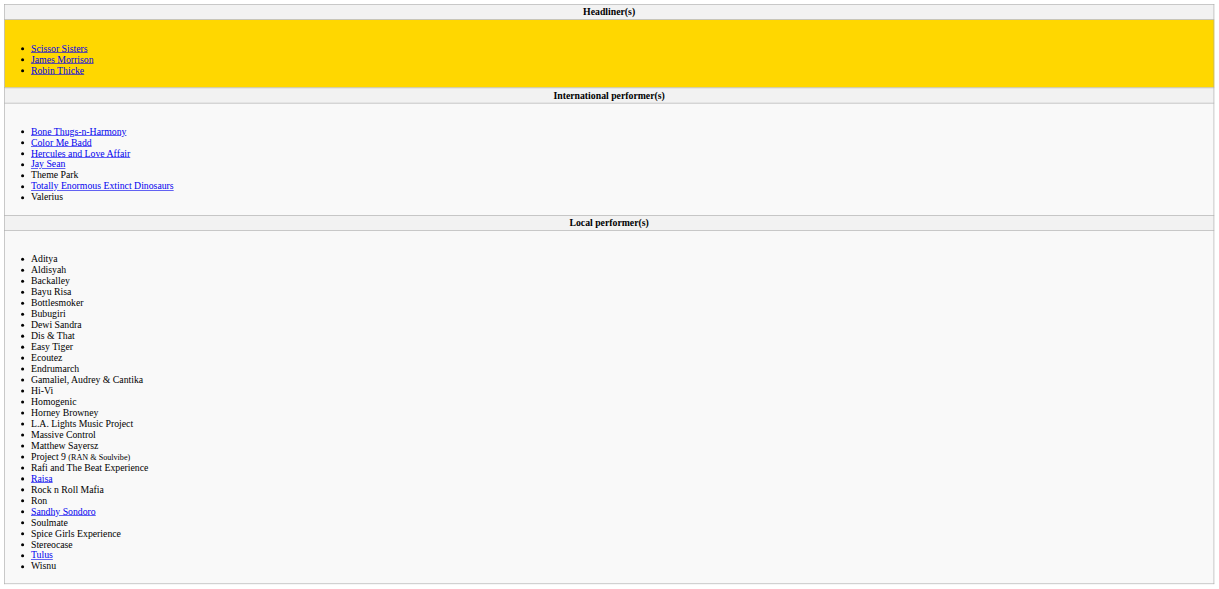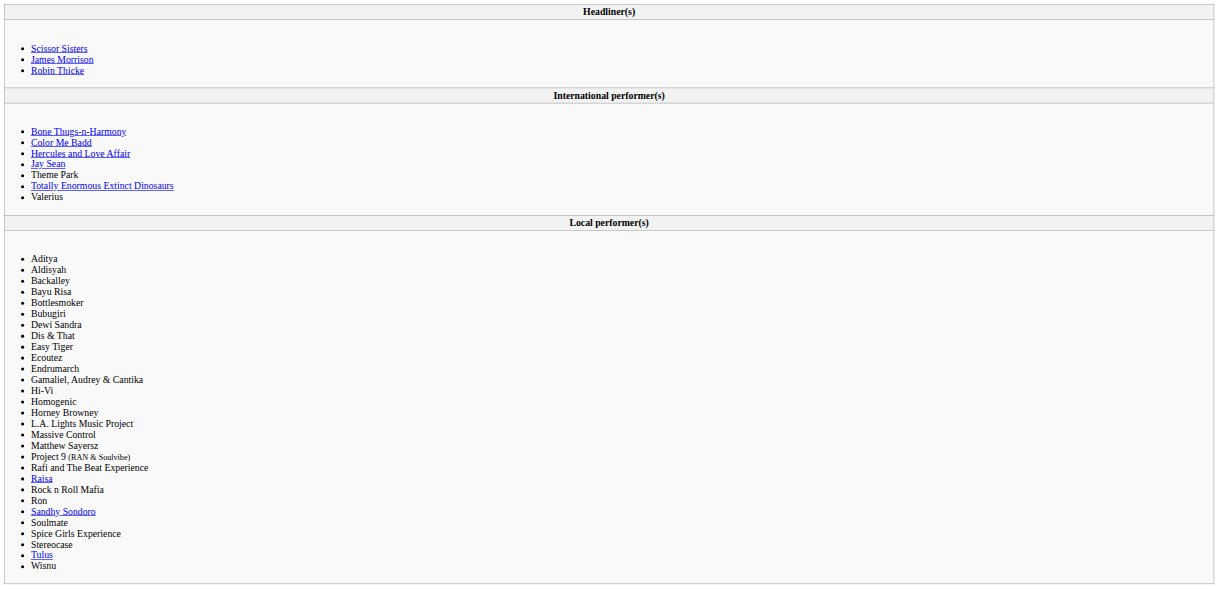 <table class="wikitable" style="width:100%;">
 <tr>
 <th>Headliner(s)</th>
 </tr>
 <tr>
-<td style="background: gold; vertical-align:top"><br><ul><li><a href='#'>Scissor Sisters</a></li><li><a href='#'>James Morrison</a></li><li><a href='#'>Robin Thicke</a></li></ul></td>
+<td style="vertical-align:top"><br><ul><li><a href='#'>Scissor Sisters</a></li><li><a href='#'>James Morrison</a></li><li><a href='#'>Robin Thicke</a></li></ul></td>
 </tr>
 <tr>
 <th>International performer(s)</th>
 </tr>
 <tr>
 <td style="vertical-align:top"><br><ul><li><a href='#'>Bone Thugs-n-Harmony</a></li><li><a href='#'>Color Me Badd</a></li><li><a href='#'>Hercules and Love Affair</a></li><li><a href='#'>Jay Sean</a></li><li>Theme Park</li><li><a href='#'>Totally Enormous Extinct Dinosaurs</a></li><li>Valerius</li></ul></td>
 </tr>
 <tr>
 <th>Local performer(s)</th>
 </tr>
 <tr>
 <td style="vertical-align:top"><br><ul><li>Aditya</li><li>Aldisyah</li><li>Backalley</li><li>Bayu Risa</li><li>Bottlesmoker</li><li>Bubugiri</li><li>Dewi Sandra</li><li>Dis & That</li><li>Easy Tiger</li><li>Ecoutez</li><li>Endrumarch</li><li>Gamaliel, Audrey & Cantika</li><li>Hi-Vi</li><li>Homogenic</li><li>Horney Browney</li><li>L.A. Lights Music Project</li><li>Massive Control</li><li>Matthew Sayersz</li><li>Project 9 <small>(RAN & Soulvibe)</small></li><li>Rafi and The Beat Experience</li><li><a href='#'>Raisa</a></li><li>Rock n Roll Mafia</li><li>Ron</li><li><a href='#'>Sandhy Sondoro</a></li><li>Soulmate</li><li>Spice Girls Experience</li><li>Stereocase</li><li><a href='#'>Tulus</a></li><li>Wisnu</li></ul></td>
 </tr>
 </table>
